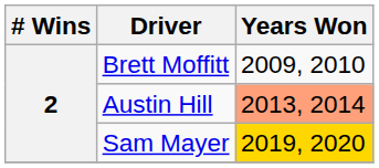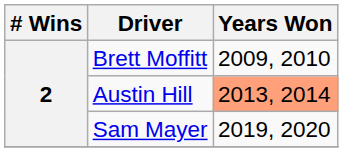 <table class="wikitable" style="font-size: 95%;">
 <tr>
 <th># Wins</th>
 <th>Driver</th>
 <th>Years Won</th>
 </tr>
 <tr>
 <th rowspan="3">2</th>
 <td><a href='#'>Brett Moffitt</a></td>
 <td>2009, 2010</td>
 </tr>
 <tr>
 <td><a href='#'>Austin Hill</a></td>
 <td style="background: lightsalmon;">2013, 2014</td>
 </tr>
 <tr>
 <td><a href='#'>Sam Mayer</a></td>
-<td style="background: gold;">2019, 2020</td>
+<td>2019, 2020</td>
 </tr>
 <tr>
 </tr>
 </table>
